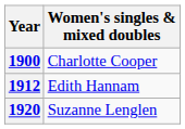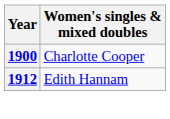 <table class="wikitable" style="display:inline-table">
 <tr>
 <th scope="col">Year</th>
 <th scope="col">Women's singles &<br>mixed doubles</th>
 </tr>
 <tr>
 <th scope="row"><a href='#'>1900</a></th>
 <td> <a href='#'>Charlotte Cooper</a></td>
 </tr>
 <tr>
 <th scope="row"><a href='#'>1912</a></th>
 <td> <a href='#'>Edith Hannam</a></td>
 </tr>
-<tr>
-<th scope="row"><a href='#'>1920</a></th>
-<td> <a href='#'>Suzanne Lenglen</a></td>
-</tr>
 </table>
